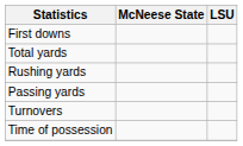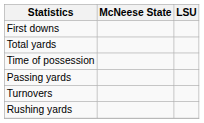 <table class="wikitable">
 <tr>
 <th>Statistics</th>
 <th>McNeese State</th>
 <th>LSU</th>
 </tr>
 <tr>
 <td>First downs</td>
 <td> </td>
 <td> </td>
 </tr>
 <tr>
 <td>Total yards</td>
 <td> </td>
 <td> </td>
 </tr>
 <tr>
-<td>Rushing yards</td>
+<td>Time of possession</td>
 <td> </td>
 <td> </td>
 </tr>
 <tr>
 <td>Passing yards</td>
 <td> </td>
 <td> </td>
 </tr>
 <tr>
 <td>Turnovers</td>
 <td> </td>
 <td> </td>
 </tr>
 <tr>
-<td>Time of possession</td>
+<td>Rushing yards</td>
 <td> </td>
 <td> </td>
 </tr>
 <tr>
 </tr>
 </table>
